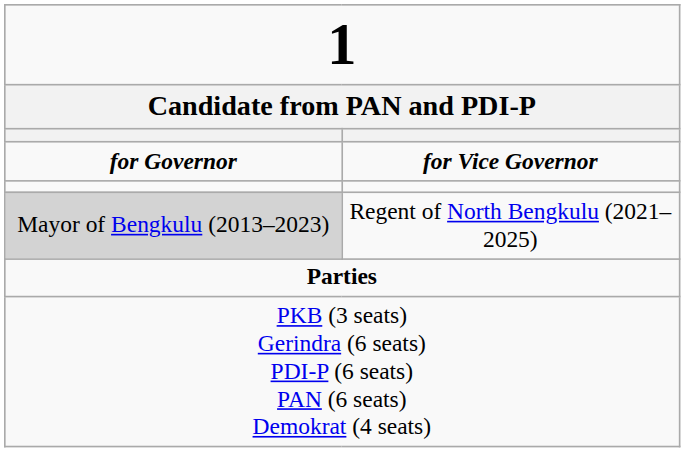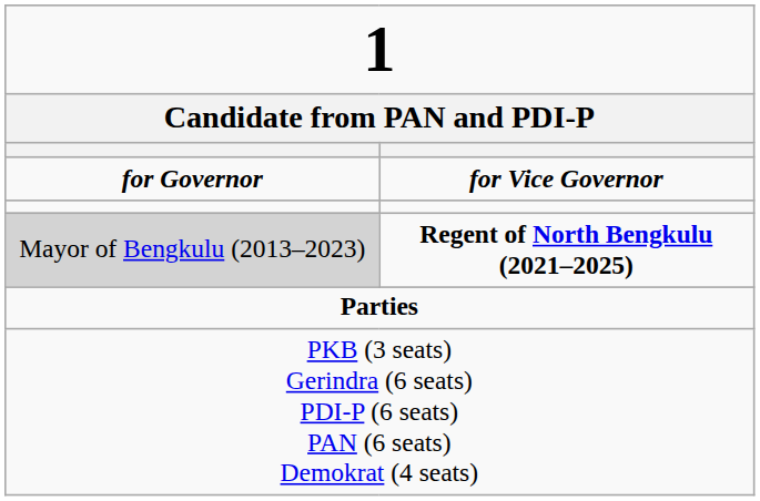 <table class="wikitable" style="font-size:90%; text-align:center;">
 <tr>
 <td colspan=2><big><big><big><big><big><strong>1</strong></big></big></big></big></big></td>
 </tr>
 <tr>
 <th colspan=2><strong><big>Candidate from PAN and PDI-P</big></strong></th>
 </tr>
 <tr>
 <th style="width:3em; font-size:135%; background:#"><a href='#'></a></th>
 <th style="width:3em; font-size:135%; background:#"></th>
 </tr>
 <tr style="color:#000; font-size:100%; background:#">
 <td style="width:3em; width:200px;"><strong><em>for Governor</em></strong></td>
 <td style="width:3em; width:200px;"><strong><em>for Vice Governor</em></strong></td>
 </tr>
 <tr>
 <td></td>
 <td></td>
 </tr>
 <tr>
 <td style="background: lightgrey;">Mayor of <a href='#'>Bengkulu</a> (2013–2023)</td>
-<td>Regent of <a href='#'>North Bengkulu</a> (2021–2025)</td>
+<td><strong>Regent of <a href='#'>North Bengkulu</a> (2021–2025)</strong></td>
 </tr>
 <tr>
 <td colspan=2 style="background:#"><strong>Parties</strong></td>
 </tr>
 <tr>
 <td colspan=2> <a href='#'>PKB</a> (3 seats)<br><a href='#'>Gerindra</a> (6 seats)<br><a href='#'>PDI-P</a> (6 seats)<br><a href='#'>PAN</a> (6 seats)<br><a href='#'>Demokrat</a> (4 seats)</td>
 </tr>
 </table>
